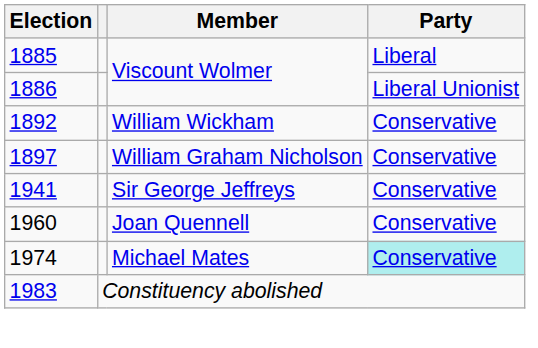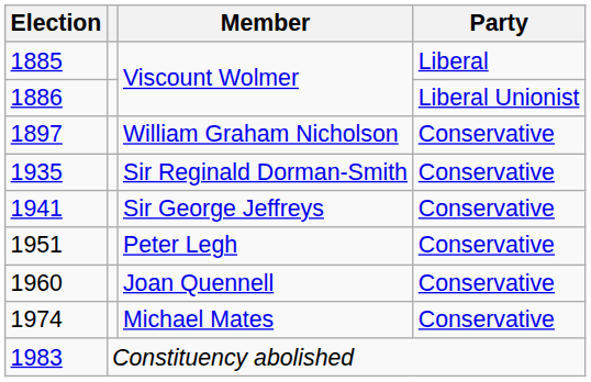 <table class="wikitable">
 <tr>
 <th>Election</th>
 <th></th>
 <th>Member</th>
 <th>Party</th>
 </tr>
 <tr>
 <td><a href='#'>1885</a></td>
 <td style="color:inherit;background-color: "></td>
 <td rowspan="2"><a href='#'>Viscount Wolmer</a></td>
 <td><a href='#'>Liberal</a></td>
 </tr>
 <tr>
 <td><a href='#'>1886</a></td>
 <td style="color:inherit;background-color: "></td>
 <td><a href='#'>Liberal Unionist</a></td>
 </tr>
 <tr>
-<td><a href='#'>1892</a></td>
-<td style="color:inherit;background-color: "></td>
-<td><a href='#'>William Wickham</a></td>
-<td><a href='#'>Conservative</a></td>
-</tr>
-<tr>
 <td><a href='#'>1897</a></td>
 <td style="color:inherit;background-color: "></td>
 <td><a href='#'>William Graham Nicholson</a></td>
 <td><a href='#'>Conservative</a></td>
 </tr>
 <tr>
+<td><a href='#'>1935</a></td>
+<td style="color:inherit;background-color: "></td>
+<td><a href='#'>Sir Reginald Dorman-Smith</a></td>
+<td><a href='#'>Conservative</a></td>
+</tr>
+<tr>
 <td><a href='#'>1941</a></td>
 <td style="color:inherit;background-color: "></td>
 <td><a href='#'>Sir George Jeffreys</a></td>
+<td><a href='#'>Conservative</a></td>
+</tr>
+<tr>
+<td>1951</td>
+<td style="color:inherit;background-color: "></td>
+<td><a href='#'>Peter Legh</a></td>
 <td><a href='#'>Conservative</a></td>
 </tr>
 <tr>
 <td>1960</td>
 <td style="color:inherit;background-color: "></td>
 <td><a href='#'>Joan Quennell</a></td>
 <td><a href='#'>Conservative</a></td>
 </tr>
 <tr>
 <td>1974</td>
 <td style="color:inherit;background-color: "></td>
 <td><a href='#'>Michael Mates</a></td>
-<td style="background: paleturquoise;"><a href='#'>Conservative</a></td>
+<td><a href='#'>Conservative</a></td>
 </tr>
 <tr>
 <td><a href='#'>1983</a></td>
 <td colspan="3"><em>Constituency abolished</em></td>
 </tr>
 </table>
